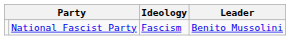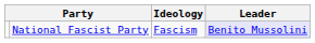 <table class=wikitable style="font-size:100%">
 <tr>
 <th colspan=2>Party</th>
 <th>Ideology</th>
 <th>Leader</th>
 </tr>
 <tr>
 <td style="color:inherit;background:"></td>
 <td><a href='#'>National Fascist Party</a></td>
 <td><a href='#'>Fascism</a></td>
-<td><a href='#'>Benito Mussolini</a></td>
+<td style="background: lavender;"><a href='#'>Benito Mussolini</a></td>
 </tr>
 </table>
